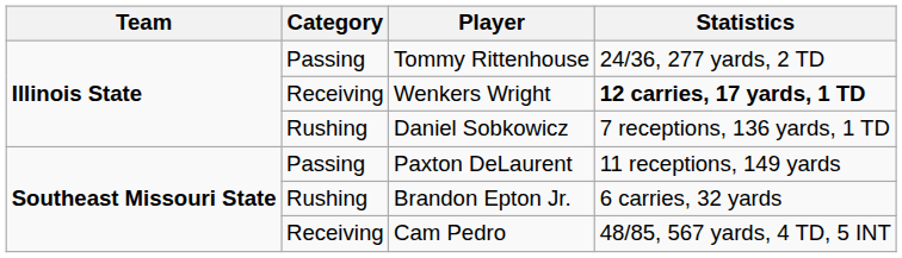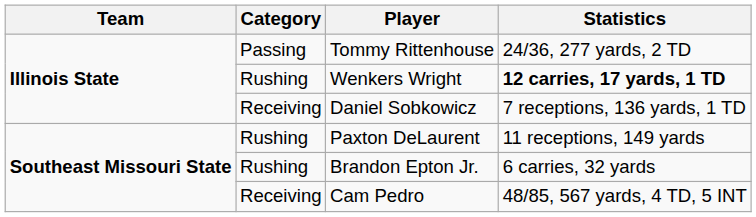 <table class="wikitable" style="float: right;">
 <tr>
 <th>Team</th>
 <th>Category</th>
 <th>Player</th>
 <th>Statistics</th>
 </tr>
 <tr>
 <td rowspan=3><strong>Illinois State</strong></td>
 <td>Passing</td>
 <td>Tommy Rittenhouse</td>
 <td>24/36, 277 yards, 2 TD</td>
 </tr>
 <tr>
-<td>Receiving</td>
+<td>Rushing</td>
 <td>Wenkers Wright</td>
 <td><strong>12 carries, 17 yards, 1 TD</strong></td>
 </tr>
 <tr>
-<td>Rushing</td>
+<td>Receiving</td>
 <td>Daniel Sobkowicz</td>
 <td>7 receptions, 136 yards, 1 TD</td>
 </tr>
 <tr>
 <td rowspan=3><strong>Southeast Missouri State</strong></td>
-<td>Passing</td>
+<td>Rushing</td>
 <td>Paxton DeLaurent</td>
 <td>11 receptions, 149 yards</td>
 </tr>
 <tr>
 <td>Rushing</td>
 <td>Brandon Epton Jr.</td>
 <td>6 carries, 32 yards</td>
 </tr>
 <tr>
 <td>Receiving</td>
 <td>Cam Pedro</td>
 <td>48/85, 567 yards, 4 TD, 5 INT</td>
 </tr>
 </table>
